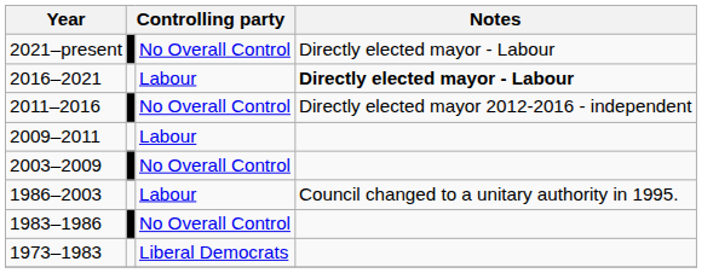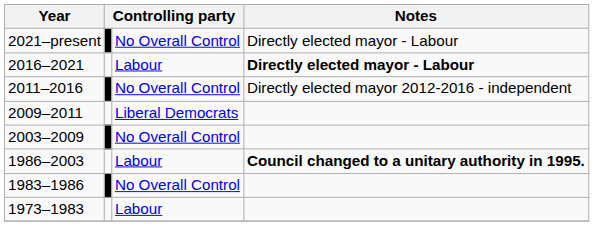 <table class="wikitable">
 <tr>
 <th>Year</th>
 <th colspan="2">Controlling party</th>
 <th>Notes</th>
 </tr>
 <tr>
 <td>2021–present</td>
 <td style="background-color:black;"></td>
 <td><a href='#'>No Overall Control</a></td>
 <td>Directly elected mayor - Labour</td>
 </tr>
 <tr>
 <td>2016–2021</td>
 <td style="background-color:"></td>
 <td><a href='#'>Labour</a></td>
 <td><strong>Directly elected mayor - Labour</strong></td>
 </tr>
 <tr>
 <td>2011–2016</td>
 <td style="background-color:black;"></td>
 <td><a href='#'>No Overall Control</a></td>
 <td>Directly elected mayor 2012-2016 - independent</td>
 </tr>
 <tr>
 <td>2009–2011</td>
 <td style="background-color:"></td>
-<td><a href='#'>Labour</a></td>
+<td><a href='#'>Liberal Democrats</a></td>
 <td></td>
 </tr>
 <tr>
 <td>2003–2009</td>
 <td style="background-color:black;"></td>
 <td><a href='#'>No Overall Control</a></td>
 <td></td>
 </tr>
 <tr>
 <td>1986–2003</td>
 <td style="background-color:"></td>
 <td><a href='#'>Labour</a></td>
-<td>Council changed to a unitary authority in 1995.</td>
+<td><strong>Council changed to a unitary authority in 1995.</strong></td>
 </tr>
 <tr>
 <td>1983–1986</td>
 <td style="background-color:black;"></td>
 <td><a href='#'>No Overall Control</a></td>
 <td></td>
 </tr>
 <tr>
 <td>1973–1983</td>
 <td style="background-color:"></td>
-<td><a href='#'>Liberal Democrats</a></td>
+<td><a href='#'>Labour</a></td>
 <td></td>
 </tr>
 <tr>
 </tr>
 </table>
